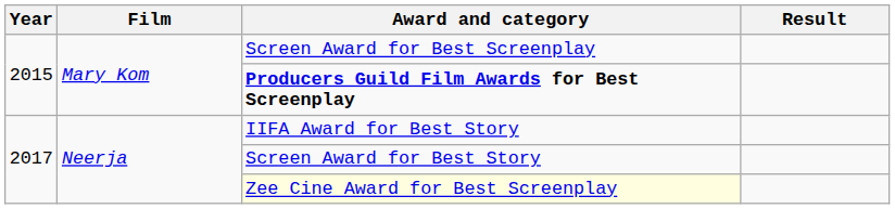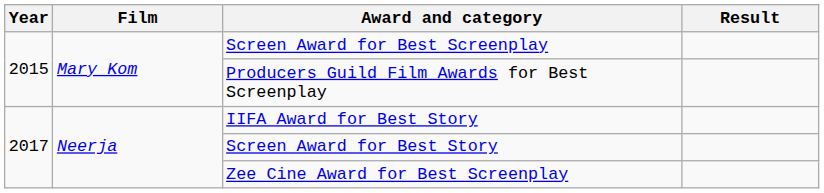 <table class="wikitable">
 <tr>
 <th width="25">Year</th>
 <th width="125">Film</th>
 <th width="350">Award and category</th>
 <th width="100">Result</th>
 </tr>
 <tr>
 <td rowspan="2">2015</td>
 <td rowspan="2"><em><a href='#'>Mary Kom</a></em></td>
 <td><a href='#'>Screen Award for Best Screenplay</a></td>
 <td></td>
 </tr>
 <tr>
-<td><strong><a href='#'>Producers Guild Film Awards</a> for Best Screenplay</strong></td>
+<td><a href='#'>Producers Guild Film Awards</a> for Best Screenplay</td>
 <td></td>
 </tr>
 <tr>
 <td rowspan="3">2017</td>
 <td rowspan="3"><em><a href='#'>Neerja</a></em></td>
 <td><a href='#'>IIFA Award for Best Story</a></td>
 <td></td>
 </tr>
 <tr>
 <td><a href='#'>Screen Award for Best Story</a></td>
 <td></td>
 </tr>
 <tr>
-<td style="background: lightyellow;"><a href='#'>Zee Cine Award for Best Screenplay</a></td>
+<td><a href='#'>Zee Cine Award for Best Screenplay</a></td>
 <td></td>
 </tr>
 </table>
